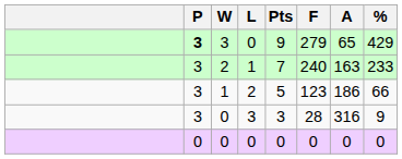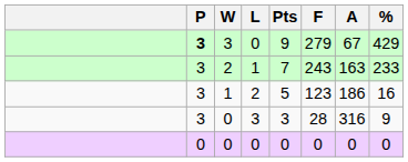 <table class=wikitable style="text-align:center">
 <tr>
 <th width=175></th>
 <th width=20>P</th>
 <th width=20>W</th>
 <th width=20>L</th>
 <th width=20>Pts</th>
 <th width=20>F</th>
 <th width=20>A</th>
 <th width=20>%</th>
 </tr>
 <tr style="background-color:#ccffcc;">
 <td style="text-align:left;"></td>
 <td><strong>3</strong></td>
 <td>3</td>
 <td>0</td>
 <td>9</td>
 <td>279</td>
-<td>65</td>
+<td>67</td>
 <td>429</td>
 </tr>
 <tr style="background-color:#ccffcc;">
 <td style="text-align:left;"></td>
 <td>3</td>
 <td>2</td>
 <td>1</td>
 <td>7</td>
-<td>240</td>
+<td>243</td>
 <td>163</td>
 <td>233</td>
 </tr>
 <tr>
 <td style="text-align:left;"></td>
 <td>3</td>
 <td>1</td>
 <td>2</td>
 <td>5</td>
 <td>123</td>
 <td>186</td>
-<td>66</td>
+<td>16</td>
 </tr>
 <tr>
 <td style="text-align:left;"></td>
 <td>3</td>
 <td>0</td>
 <td>3</td>
 <td>3</td>
 <td>28</td>
 <td>316</td>
 <td>9</td>
 </tr>
 <tr style="background:#efcfff;">
 <td style="text-align:left;"></td>
 <td>0</td>
 <td>0</td>
 <td>0</td>
 <td>0</td>
 <td>0</td>
 <td>0</td>
 <td>0</td>
 </tr>
 </table>
